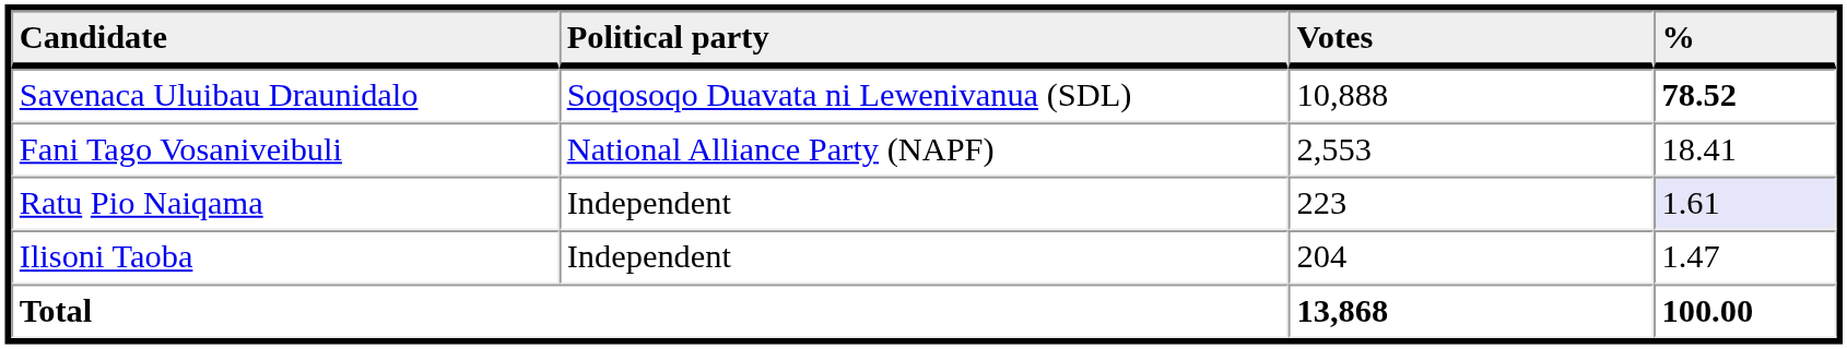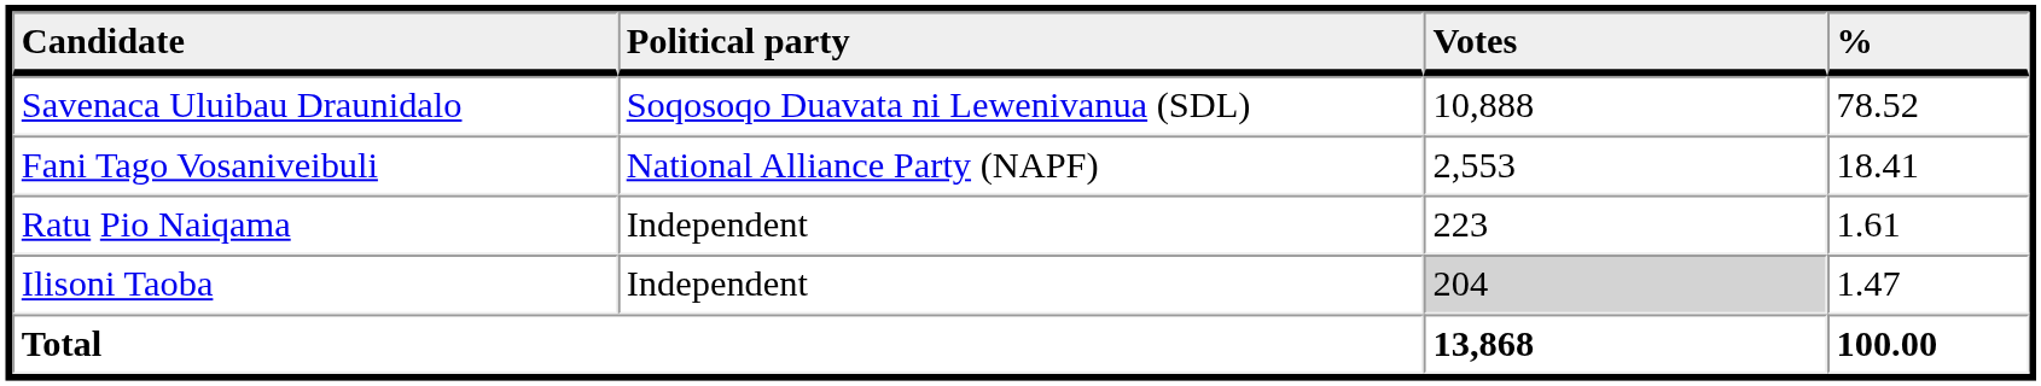 <table table width="70%" border="1" align="center" cellpadding=3 cellspacing=0 style="margin:5px; border:3px solid;">
 <tr>
 <td td width="30%" style="border-bottom:3px solid; background:#efefef;"><strong>Candidate</strong></td>
 <td td width="40%" style="border-bottom:3px solid; background:#efefef;"><strong>Political party</strong></td>
 <td td width="20%" style="border-bottom:3px solid; background:#efefef;"><strong>Votes</strong></td>
 <td td width="10%" style="border-bottom:3px solid; background:#efefef;"><strong>%</strong></td>
 </tr>
 <tr>
 <td><a href='#'>Savenaca Uluibau Draunidalo</a></td>
 <td><a href='#'>Soqosoqo Duavata ni Lewenivanua</a> (SDL)</td>
 <td>10,888</td>
-<td><strong>78.52</strong></td>
+<td>78.52</td>
 </tr>
 <tr>
 <td><a href='#'>Fani Tago Vosaniveibuli</a></td>
 <td><a href='#'>National Alliance Party</a> (NAPF)</td>
 <td>2,553</td>
 <td>18.41</td>
 </tr>
 <tr>
 <td><a href='#'>Ratu</a> <a href='#'>Pio Naiqama</a></td>
 <td>Independent</td>
 <td>223</td>
-<td style="background: lavender;">1.61</td>
+<td>1.61</td>
 </tr>
 <tr>
 <td><a href='#'>Ilisoni Taoba</a></td>
 <td>Independent</td>
-<td>204</td>
+<td style="background: lightgrey;">204</td>
 <td>1.47</td>
 </tr>
 <tr>
 <td colspan=2><strong>Total</strong></td>
 <td><strong>13,868</strong></td>
 <td><strong>100.00</strong></td>
 </tr>
 <tr>
 </tr>
 </table>
